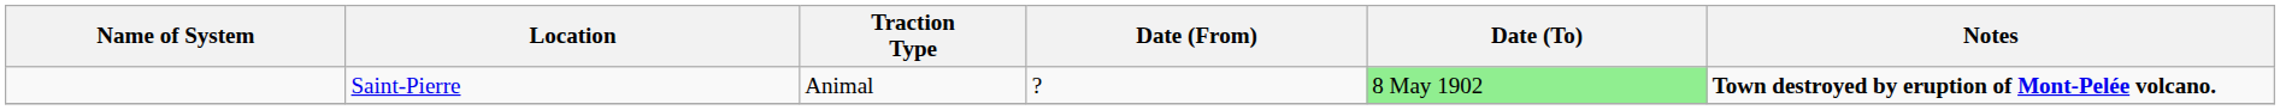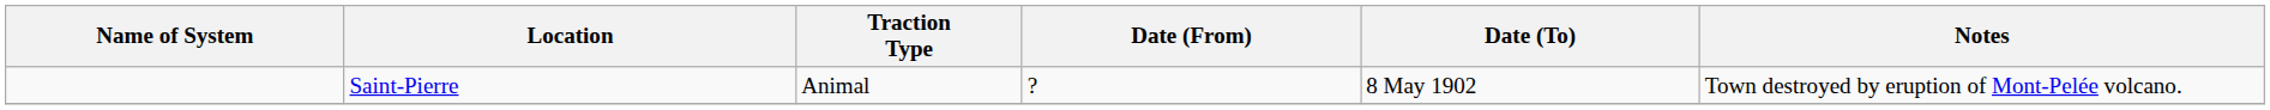 <table class="wikitable" width=100%>
 <tr>
 <th width=15%>Name of System</th>
 <th width=20%>Location</th>
 <th width=10%>Traction<br>Type</th>
 <th width=15%>Date (From)</th>
 <th width=15%>Date (To)</th>
 <th width=25%>Notes</th>
 </tr>
 <tr>
 <td> </td>
 <td><a href='#'>Saint-Pierre</a></td>
 <td>Animal</td>
 <td>?</td>
-<td style="background: lightgreen;">8 May 1902</td>
-<td><strong>Town destroyed by eruption of <a href='#'>Mont-Pelée</a> volcano.</strong></td>
+<td>8 May 1902</td>
+<td>Town destroyed by eruption of <a href='#'>Mont-Pelée</a> volcano.</td>
 </tr>
 <tr>
 </tr>
 </table>
